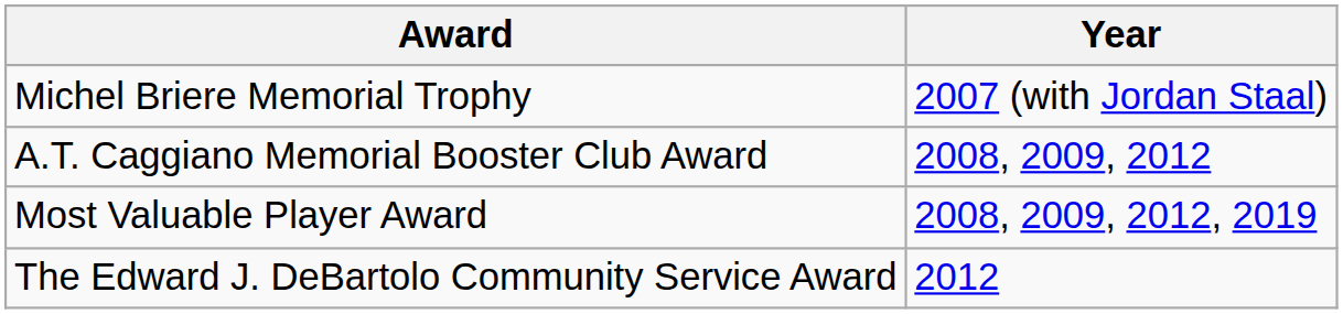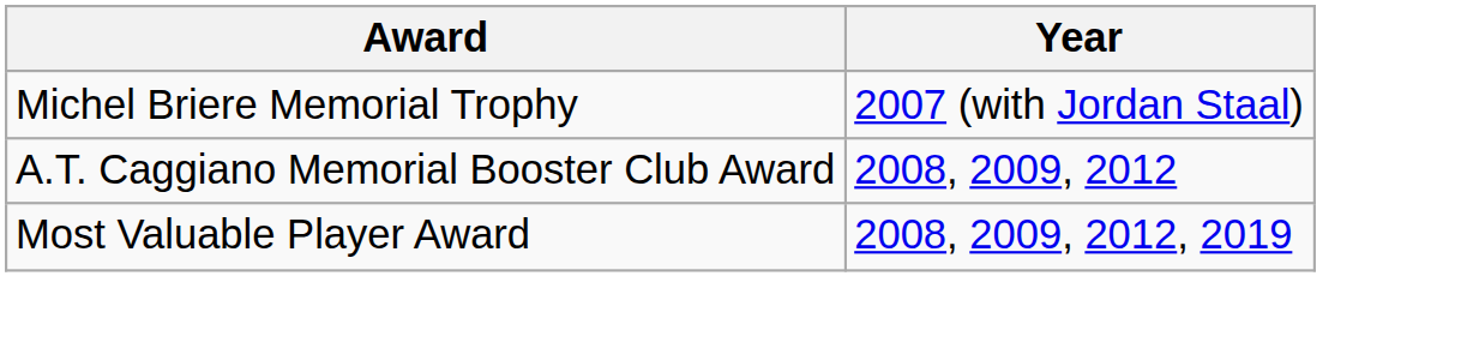 <table class="wikitable">
 <tr>
 <th scope="col">Award</th>
 <th scope="col">Year</th>
 </tr>
 <tr>
 <td>Michel Briere Memorial Trophy</td>
 <td><a href='#'>2007</a> (with <a href='#'>Jordan Staal</a>)</td>
 </tr>
 <tr>
 <td>A.T. Caggiano Memorial Booster Club Award</td>
 <td><a href='#'>2008</a>, <a href='#'>2009</a>, <a href='#'>2012</a></td>
 </tr>
 <tr>
 <td>Most Valuable Player Award</td>
 <td><a href='#'>2008</a>, <a href='#'>2009</a>, <a href='#'>2012</a>, <a href='#'>2019</a></td>
 </tr>
-<tr>
-<td>The Edward J. DeBartolo Community Service Award</td>
-<td><a href='#'>2012</a></td>
-</tr>
 </table>
